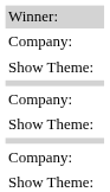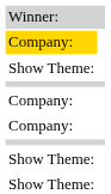 <table border="0" cellpadding="3">
 <tr>
 <td colspan="2" style="background:lightgrey;">Winner: </td>
 </tr>
 <tr>
-<td>Company:</td>
+<td style="background: gold;">Company:</td>
 <td></td>
 </tr>
 <tr>
 <td>Show Theme:</td>
 <td></td>
 </tr>
 <tr>
 <td colspan="2" style="background:lightgrey;"></td>
 </tr>
 <tr>
 <td>Company:</td>
 <td></td>
 </tr>
 <tr>
-<td>Show Theme:</td>
+<td>Company:</td>
 <td></td>
 </tr>
 <tr>
 <td colspan="2" style="background:lightgrey;"></td>
 </tr>
 <tr>
-<td>Company:</td>
+<td>Show Theme:</td>
 <td></td>
 </tr>
 <tr>
 <td>Show Theme:</td>
 <td></td>
 </tr>
 </table>
